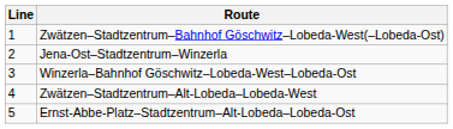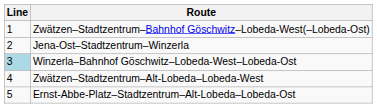 <table class="wikitable">
 <tr>
 <th>Line</th>
 <th>Route</th>
 </tr>
 <tr>
 <td>1</td>
 <td>Zwätzen–Stadtzentrum–<a href='#'>Bahnhof Göschwitz</a>–Lobeda-West(–Lobeda-Ost)</td>
 </tr>
 <tr>
 <td>2</td>
 <td>Jena-Ost–Stadtzentrum–Winzerla</td>
 </tr>
 <tr>
-<td>3</td>
+<td style="background: lightblue;">3</td>
 <td>Winzerla–Bahnhof Göschwitz–Lobeda-West–Lobeda-Ost</td>
 </tr>
 <tr>
 <td>4</td>
 <td>Zwätzen–Stadtzentrum–Alt-Lobeda–Lobeda-West</td>
 </tr>
 <tr>
 <td>5</td>
 <td>Ernst-Abbe-Platz–Stadtzentrum–Alt-Lobeda–Lobeda-Ost</td>
 </tr>
 </table>
